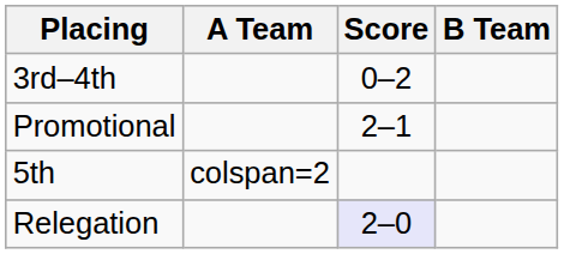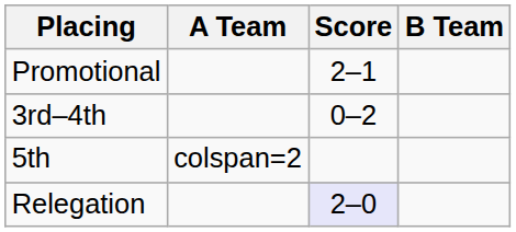 <table class=wikitable style="border:1px solid #AAAAAA;">
 <tr>
 <th>Placing</th>
 <th>A Team</th>
 <th>Score</th>
 <th>B Team</th>
 </tr>
 <tr>
+<td>Promotional</td>
+<td><strong></strong></td>
+<td align="center">2–1</td>
+<td></td>
+</tr>
+<tr>
 <td>3rd–4th</td>
 <td></td>
 <td align="center">0–2</td>
 <td><strong> </strong></td>
-</tr>
-<tr>
-<td>Promotional</td>
-<td><strong></strong></td>
-<td align="center">2–1</td>
-<td></td>
 </tr>
 <tr>
 <td>5th</td>
 <td>colspan=2 </td>
 <td></td>
 </tr>
 <tr>
 <td>Relegation</td>
 <td><strong></strong></td>
 <td align="center" style="background: lavender;">2–0</td>
 <td></td>
 </tr>
 </table>
